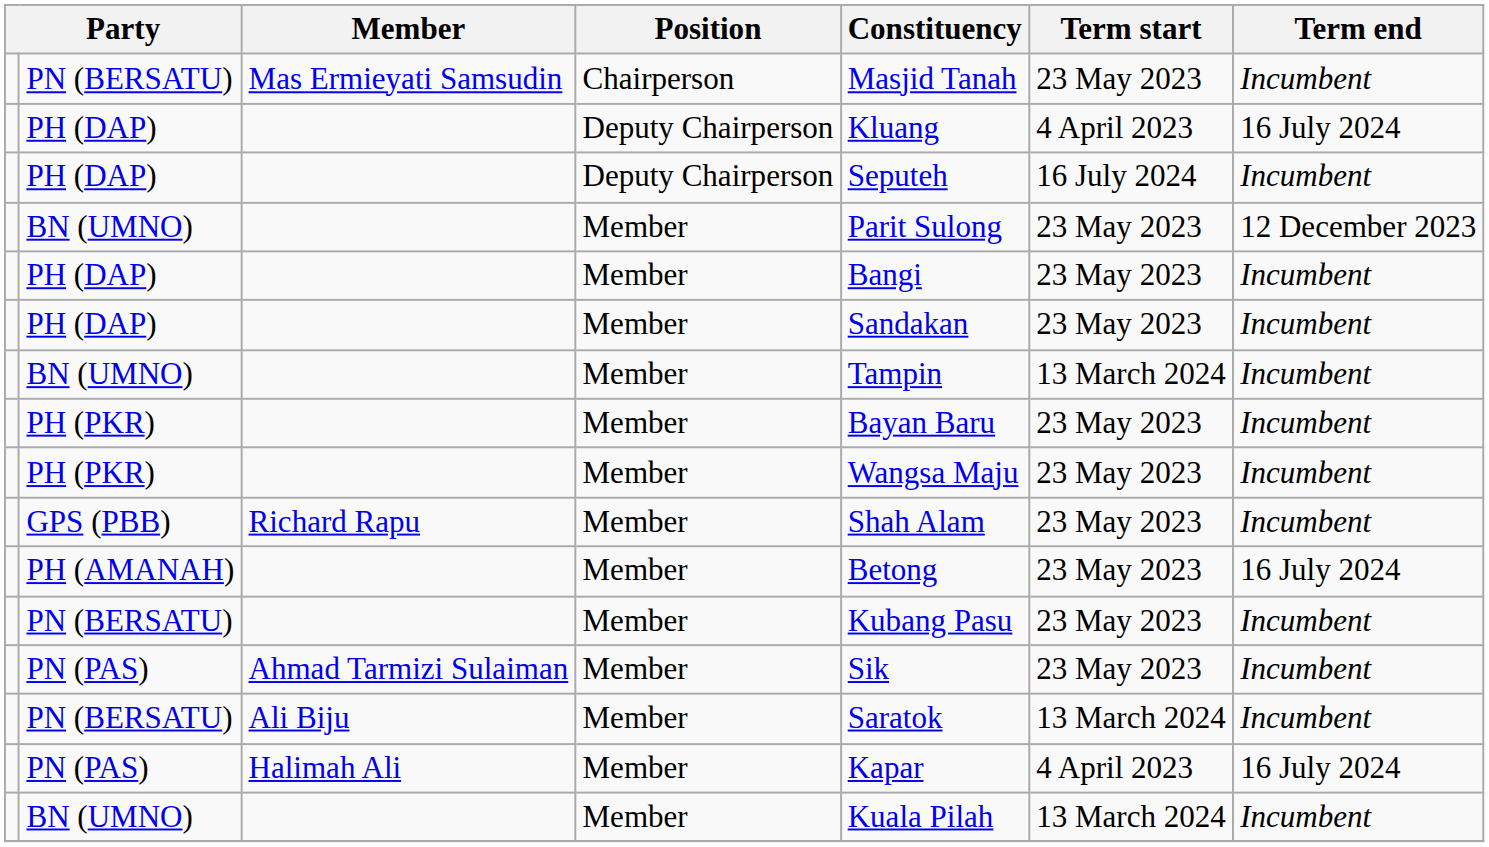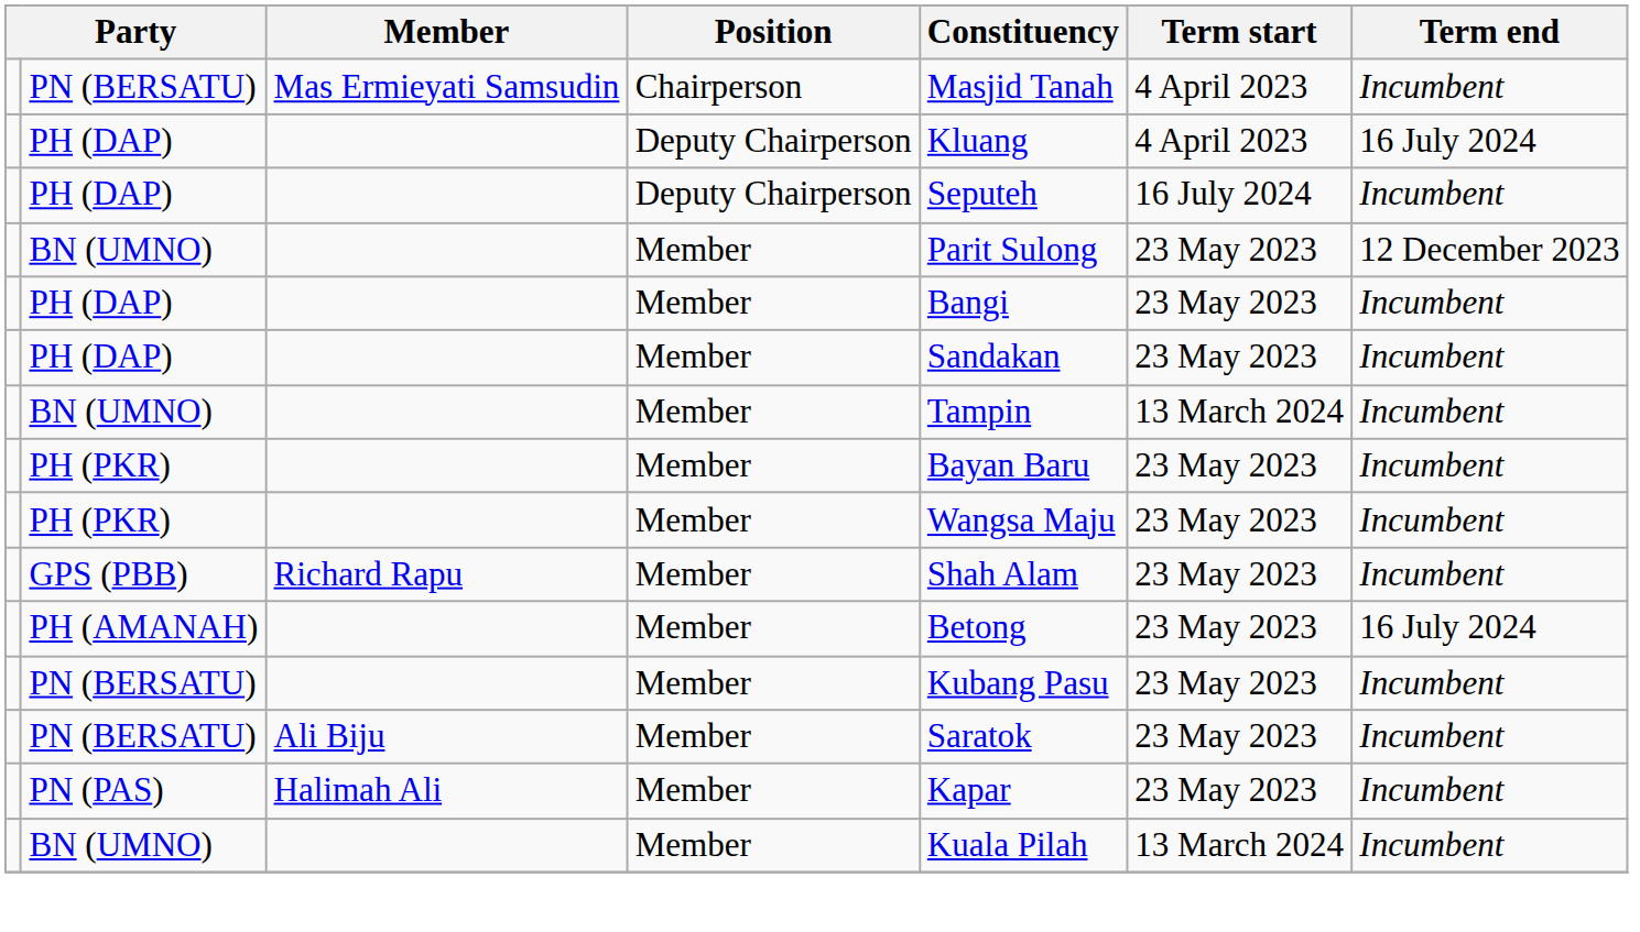 <table class="sortable wikitable">
 <tr>
 <th colspan=2>Party</th>
 <th>Member</th>
 <th>Position</th>
 <th>Constituency</th>
 <th>Term start</th>
 <th>Term end</th>
 </tr>
 <tr>
 <td></td>
 <td><a href='#'>PN</a> (<a href='#'>BERSATU</a>)</td>
 <td><a href='#'>Mas Ermieyati Samsudin</a></td>
 <td>Chairperson</td>
 <td><a href='#'>Masjid Tanah</a></td>
-<td>23 May 2023</td>
+<td>4 April 2023</td>
 <td><em>Incumbent</em></td>
 </tr>
 <tr>
 <td></td>
 <td><a href='#'>PH</a> (<a href='#'>DAP</a>)</td>
 <td></td>
 <td>Deputy Chairperson</td>
 <td><a href='#'>Kluang</a></td>
 <td>4 April 2023</td>
 <td>16 July 2024</td>
 </tr>
 <tr>
 <td></td>
 <td><a href='#'>PH</a> (<a href='#'>DAP</a>)</td>
 <td></td>
 <td>Deputy Chairperson</td>
 <td><a href='#'>Seputeh</a></td>
 <td>16 July 2024</td>
 <td><em>Incumbent</em></td>
 </tr>
 <tr>
 <td></td>
 <td><a href='#'>BN</a> (<a href='#'>UMNO</a>)</td>
 <td></td>
 <td>Member</td>
 <td><a href='#'>Parit Sulong</a></td>
 <td>23 May 2023</td>
 <td>12 December 2023</td>
 </tr>
 <tr>
 <td></td>
 <td><a href='#'>PH</a> (<a href='#'>DAP</a>)</td>
 <td></td>
 <td>Member</td>
 <td><a href='#'>Bangi</a></td>
 <td>23 May 2023</td>
 <td><em>Incumbent</em></td>
 </tr>
 <tr>
 <td></td>
 <td><a href='#'>PH</a> (<a href='#'>DAP</a>)</td>
 <td></td>
 <td>Member</td>
 <td><a href='#'>Sandakan</a></td>
 <td>23 May 2023</td>
 <td><em>Incumbent</em></td>
 </tr>
 <tr>
 <td></td>
 <td><a href='#'>BN</a> (<a href='#'>UMNO</a>)</td>
 <td></td>
 <td>Member</td>
 <td><a href='#'>Tampin</a></td>
 <td>13 March 2024</td>
 <td><em>Incumbent</em></td>
 </tr>
 <tr>
 <td></td>
 <td><a href='#'>PH</a> (<a href='#'>PKR</a>)</td>
 <td></td>
 <td>Member</td>
 <td><a href='#'>Bayan Baru</a></td>
 <td>23 May 2023</td>
 <td><em>Incumbent</em></td>
 </tr>
 <tr>
 <td></td>
 <td><a href='#'>PH</a> (<a href='#'>PKR</a>)</td>
 <td></td>
 <td>Member</td>
 <td><a href='#'>Wangsa Maju</a></td>
 <td>23 May 2023</td>
 <td><em>Incumbent</em></td>
 </tr>
 <tr>
 <td></td>
 <td><a href='#'>GPS</a> (<a href='#'>PBB</a>)</td>
 <td><a href='#'>Richard Rapu</a></td>
 <td>Member</td>
 <td><a href='#'>Shah Alam</a></td>
 <td>23 May 2023</td>
 <td><em>Incumbent</em></td>
 </tr>
 <tr>
 <td></td>
 <td><a href='#'>PH</a> (<a href='#'>AMANAH</a>)</td>
 <td></td>
 <td>Member</td>
 <td><a href='#'>Betong</a></td>
 <td>23 May 2023</td>
 <td>16 July 2024</td>
 </tr>
 <tr>
 <td></td>
 <td><a href='#'>PN</a> (<a href='#'>BERSATU</a>)</td>
 <td></td>
 <td>Member</td>
 <td><a href='#'>Kubang Pasu</a></td>
 <td>23 May 2023</td>
 <td><em>Incumbent</em></td>
 </tr>
 <tr>
 <td></td>
-<td><a href='#'>PN</a> (<a href='#'>PAS</a>)</td>
-<td><a href='#'>Ahmad Tarmizi Sulaiman</a></td>
-<td>Member</td>
-<td><a href='#'>Sik</a></td>
-<td>23 May 2023</td>
-<td><em>Incumbent</em></td>
-</tr>
-<tr>
-<td></td>
 <td><a href='#'>PN</a> (<a href='#'>BERSATU</a>)</td>
 <td><a href='#'>Ali Biju</a></td>
 <td>Member</td>
 <td><a href='#'>Saratok</a></td>
-<td>13 March 2024</td>
+<td>23 May 2023</td>
 <td><em>Incumbent</em></td>
 </tr>
 <tr>
 <td></td>
 <td><a href='#'>PN</a> (<a href='#'>PAS</a>)</td>
 <td><a href='#'>Halimah Ali</a></td>
 <td>Member</td>
 <td><a href='#'>Kapar</a></td>
-<td>4 April 2023</td>
-<td>16 July 2024</td>
+<td>23 May 2023</td>
+<td><em>Incumbent</em></td>
 </tr>
 <tr>
 <td></td>
 <td><a href='#'>BN</a> (<a href='#'>UMNO</a>)</td>
 <td></td>
 <td>Member</td>
 <td><a href='#'>Kuala Pilah</a></td>
 <td>13 March 2024</td>
 <td><em>Incumbent</em></td>
 </tr>
 <tr>
 </tr>
 </table>
